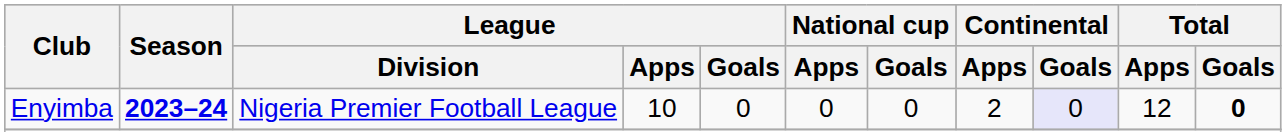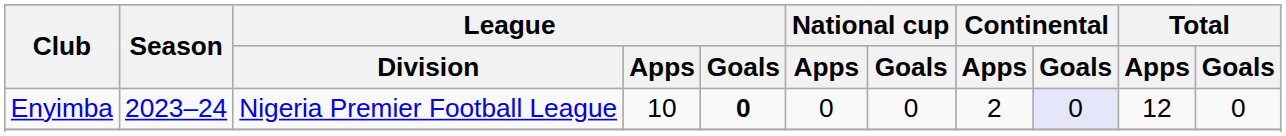 <table class="wikitable" style="text-align:center">
 <tr>
 <th rowspan="2">Club</th>
 <th rowspan="2">Season</th>
 <th colspan="3">League</th>
 <th colspan="2">National cup</th>
 <th colspan="2">Continental</th>
 <th colspan="2">Total</th>
 </tr>
 <tr>
 <th>Division</th>
 <th>Apps</th>
 <th>Goals</th>
 <th>Apps</th>
 <th>Goals</th>
 <th>Apps</th>
 <th>Goals</th>
 <th>Apps</th>
 <th>Goals</th>
 </tr>
 <tr>
 <td><a href='#'>Enyimba</a></td>
-<td><strong><a href='#'>2023–24</a></strong></td>
+<td><a href='#'>2023–24</a></td>
 <td><a href='#'>Nigeria Premier Football League</a></td>
 <td>10</td>
-<td>0</td>
+<td><strong>0</strong></td>
 <td>0</td>
 <td>0</td>
 <td>2</td>
 <td style="background: lavender;">0</td>
 <td>12</td>
-<td><strong>0</strong></td>
+<td>0</td>
 </tr>
 <tr>
 </tr>
 <tr>
 </tr>
 </table>
